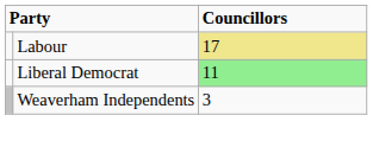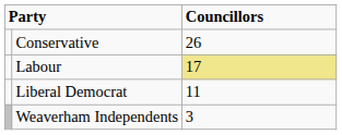 <table class="wikitable">
 <tr>
 <td width="150" colspan=2><strong>Party</strong></td>
 <td width="150"><strong>Councillors</strong></td>
+</tr>
+<tr>
+<td style="color:inherit;background:"></td>
+<td>Conservative</td>
+<td>26</td>
 </tr>
 <tr>
 <td style="color:inherit;background:"></td>
 <td>Labour</td>
 <td style="background: khaki;">17</td>
 </tr>
 <tr>
 <td style="color:inherit;background:"></td>
 <td>Liberal Democrat</td>
-<td style="background: lightgreen;">11</td>
+<td>11</td>
 </tr>
 <tr>
 <td style="color:inherit;background:#C0C0C0"></td>
 <td>Weaverham Independents</td>
 <td>3</td>
 </tr>
 </table>
